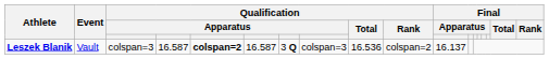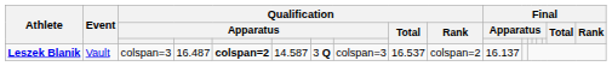 <table class="wikitable" style="font-size:90%">
 <tr>
 <th rowspan=3>Athlete</th>
 <th rowspan=3>Event</th>
 <th colspan =8>Qualification</th>
 <th colspan =8>Final</th>
 </tr>
 <tr style="font-size:95%">
 <th colspan=6>Apparatus</th>
 <th rowspan=2>Total</th>
 <th rowspan=2>Rank</th>
 <th colspan=6>Apparatus</th>
 <th rowspan=2>Total</th>
 <th rowspan=2>Rank</th>
 </tr>
 <tr style="font-size:95%">
 <th></th>
 <th></th>
 <th></th>
 <th></th>
 <th></th>
 <th></th>
 <th></th>
 <th></th>
 <th></th>
 <th></th>
 <th></th>
 <th></th>
 </tr>
 <tr align=center>
 <td align=left><strong><a href='#'>Leszek Blanik</a></strong></td>
 <td align=left><a href='#'>Vault</a></td>
 <td>colspan=3 </td>
-<td>16.587</td>
+<td>16.487</td>
 <td><strong>colspan=2 </strong></td>
-<td>16.587</td>
+<td>14.587</td>
 <td>3 <strong>Q</strong></td>
 <td>colspan=3 </td>
-<td>16.536</td>
+<td>16.537</td>
 <td>colspan=2 </td>
 <td>16.137</td>
 <td></td>
 </tr>
 </table>
